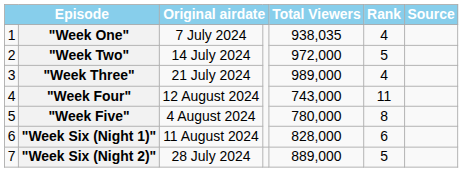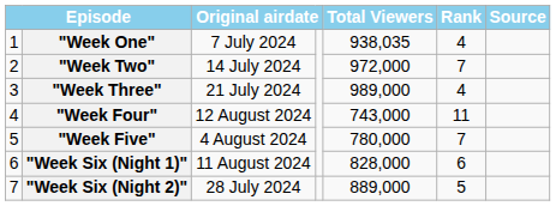 <table class="wikitable plainrowheaders" style="text-align:center; line-height:16px;">
 <tr>
 <th scope="col" style="background:#87CEEB; color:white;" colspan="2">Episode</th>
 <th colspan="2" scope="col" style="background:#87CEEB; color:white;">Original airdate</th>
 <th scope="col" style="background:#87CEEB; color:white;">Total Viewers</th>
 <th scope="col" style="background:#87CEEB; color:white;">Rank</th>
 <th scope="col" style="background:#87CEEB; color:white;">Source</th>
 </tr>
 <tr>
 <td>1</td>
 <th scope="row" style="text-align:center"><strong>"Week One"</strong></th>
 <td>7 July 2024</td>
 <td rowspan="6"></td>
 <td>938,035</td>
 <td>4</td>
 <td></td>
 </tr>
 <tr>
 <td>2</td>
 <th scope="row" style="text-align:center"><strong>"Week Two"</strong></th>
 <td>14 July 2024</td>
 <td>972,000</td>
-<td>5</td>
+<td>7</td>
 <td></td>
 </tr>
 <tr>
 <td>3</td>
 <th scope="row" style="text-align:center"><strong>"Week Three"</strong></th>
 <td>21 July 2024</td>
 <td>989,000</td>
 <td>4</td>
 <td></td>
 </tr>
 <tr>
 <td>4</td>
 <th scope="row" style="text-align:center"><strong>"Week Four"</strong></th>
 <td>12 August 2024</td>
 <td>743,000</td>
 <td>11</td>
 <td></td>
 </tr>
 <tr>
 <td>5</td>
 <th scope="row" style="text-align:center"><strong>"Week Five"</strong></th>
 <td>4 August 2024</td>
 <td>780,000</td>
-<td>8</td>
+<td>7</td>
 <td></td>
 </tr>
 <tr>
 <td>6</td>
 <th scope="row" style="text-align:center"><strong>"Week Six (Night 1)"</strong></th>
 <td>11 August 2024</td>
 <td>828,000</td>
 <td>6</td>
 <td></td>
 </tr>
 <tr>
 <td>7</td>
 <th scope="row" style="text-align:center"><strong>"Week Six (Night 2)"</strong></th>
 <td>28 July 2024</td>
 <td></td>
 <td>889,000</td>
 <td>5</td>
 <td></td>
 </tr>
 </table>
